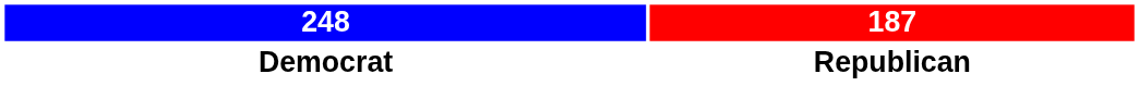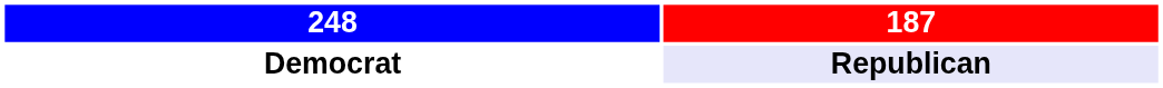 <table style="width:100%; text-align:center;">
 <tr style="color:white;">
 <td style="background:blue; width:57.01%;"><strong>248</strong></td>
 <td style="background:red; width:49.90%;"><strong>187</strong></td>
 </tr>
 <tr>
 <td><span><strong>Democrat</strong></span></td>
-<td><span><strong>Republican</strong></span></td>
+<td style="background: lavender;"><span><strong>Republican</strong></span></td>
 </tr>
 </table>
